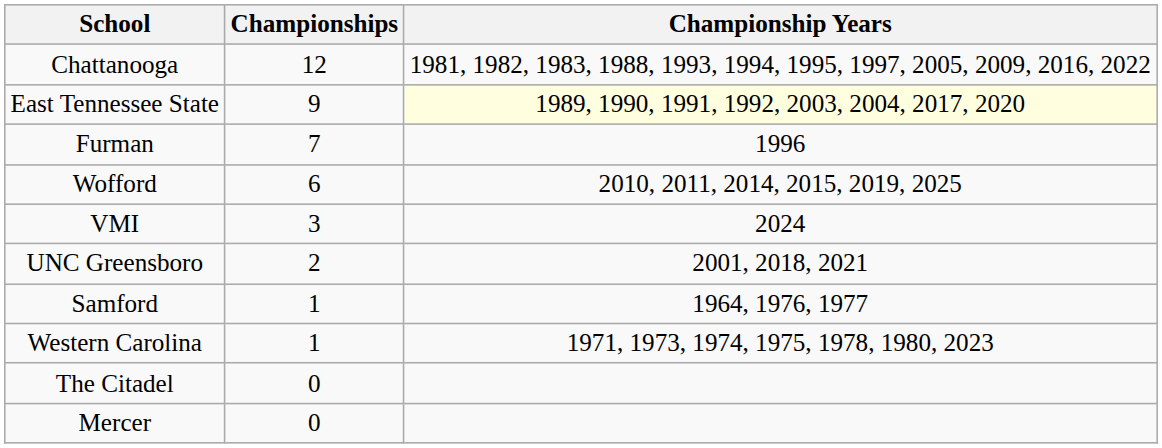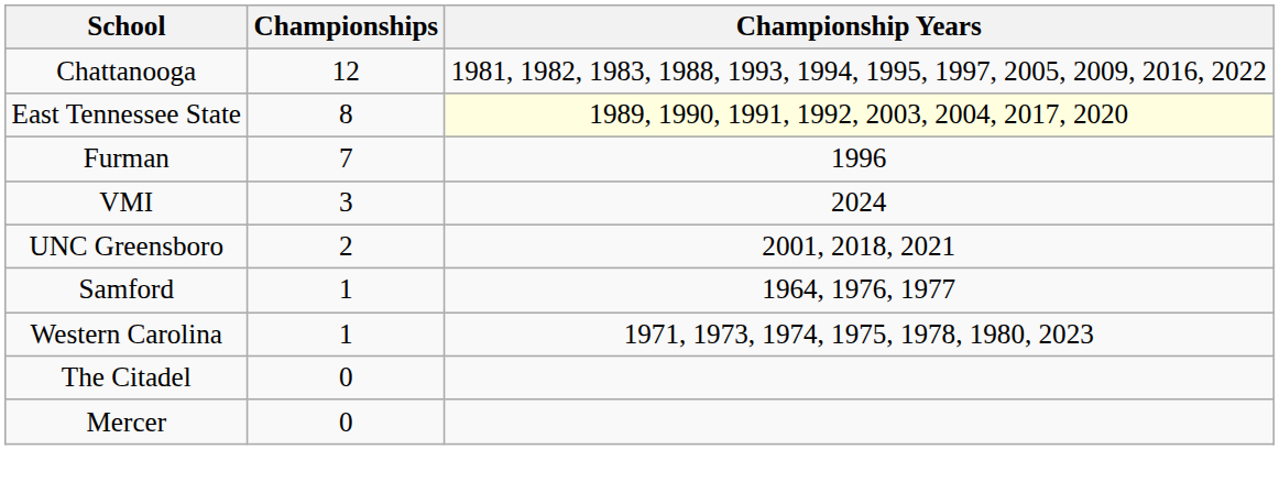 <table class="wikitable sortable" style="text-align:center">
 <tr>
 <th width=px>School</th>
 <th width=px>Championships</th>
 <th width=px>Championship Years</th>
 </tr>
 <tr>
 <td>Chattanooga</td>
 <td>12</td>
 <td>1981, 1982, 1983, 1988, 1993, 1994, 1995, 1997, 2005, 2009, 2016, 2022</td>
 </tr>
 <tr>
 <td>East Tennessee State</td>
-<td>9</td>
+<td>8</td>
 <td style="background: lightyellow;">1989, 1990, 1991, 1992, 2003, 2004, 2017, 2020</td>
 </tr>
 <tr>
 <td>Furman</td>
 <td>7</td>
 <td>1996</td>
-</tr>
-<tr>
-<td>Wofford</td>
-<td>6</td>
-<td>2010, 2011, 2014, 2015, 2019, 2025</td>
 </tr>
 <tr>
 <td>VMI</td>
 <td>3</td>
 <td>2024</td>
 </tr>
 <tr>
 <td>UNC Greensboro</td>
 <td>2</td>
 <td>2001, 2018, 2021</td>
 </tr>
 <tr>
 <td>Samford</td>
 <td>1</td>
 <td>1964, 1976, 1977</td>
 </tr>
 <tr>
 <td>Western Carolina</td>
 <td>1</td>
 <td>1971, 1973, 1974, 1975, 1978, 1980, 2023</td>
 </tr>
 <tr>
 <td>The Citadel</td>
 <td>0</td>
 <td></td>
 </tr>
 <tr>
 <td>Mercer</td>
 <td>0</td>
 </tr>
 </table>
